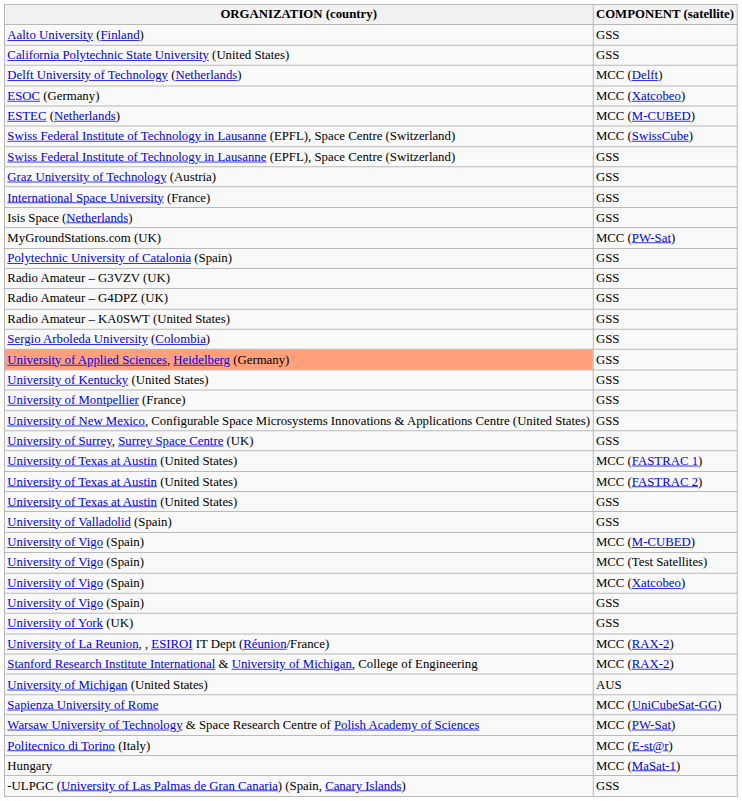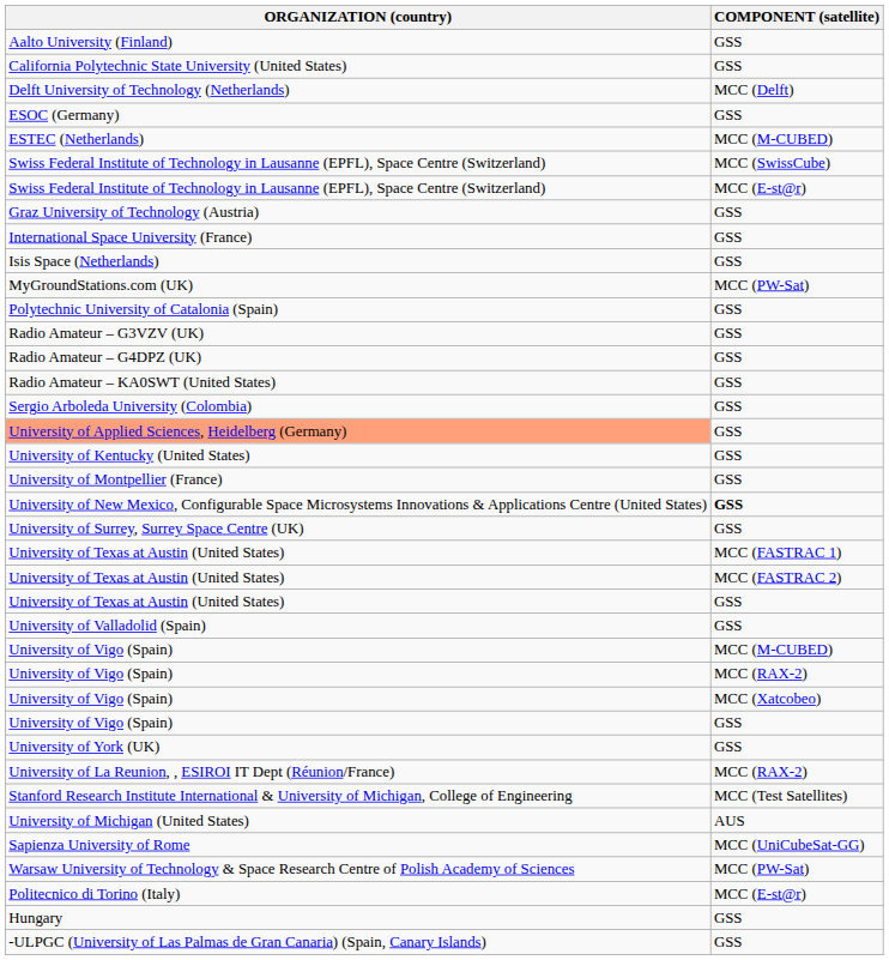 <table class="wikitable">
 <tr>
 <th>ORGANIZATION (country)</th>
 <th>COMPONENT (satellite)</th>
 </tr>
 <tr>
 <td><a href='#'>Aalto University</a> (<a href='#'>Finland</a>)</td>
 <td>GSS</td>
 </tr>
 <tr>
 <td><a href='#'>California Polytechnic State University</a> (United States)</td>
 <td>GSS</td>
 </tr>
 <tr>
 <td><a href='#'>Delft University of Technology</a> (<a href='#'>Netherlands</a>)</td>
 <td>MCC (<a href='#'>Delft</a>)</td>
 </tr>
 <tr>
 <td><a href='#'>ESOC</a> (Germany)</td>
-<td>MCC (<a href='#'>Xatcobeo</a>)</td>
+<td>GSS</td>
 </tr>
 <tr>
 <td><a href='#'>ESTEC</a> (<a href='#'>Netherlands</a>)</td>
 <td>MCC (<a href='#'>M-CUBED</a>)</td>
 </tr>
 <tr>
 <td><a href='#'>Swiss Federal Institute of Technology in Lausanne</a> (EPFL), Space Centre (Switzerland)</td>
 <td>MCC (<a href='#'>SwissCube</a>)</td>
 </tr>
 <tr>
 <td><a href='#'>Swiss Federal Institute of Technology in Lausanne</a> (EPFL), Space Centre (Switzerland)</td>
-<td>GSS</td>
+<td>MCC (<a href='#'>E-st@r</a>)</td>
 </tr>
 <tr>
 <td><a href='#'>Graz University of Technology</a> (Austria)</td>
 <td>GSS</td>
 </tr>
 <tr>
 <td><a href='#'>International Space University</a> (France)</td>
 <td>GSS</td>
 </tr>
 <tr>
 <td>Isis Space (<a href='#'>Netherlands</a>)</td>
 <td>GSS</td>
 </tr>
 <tr>
 <td>MyGroundStations.com (UK)</td>
 <td>MCC (<a href='#'>PW-Sat</a>)</td>
 </tr>
 <tr>
 <td><a href='#'>Polytechnic University of Catalonia</a> (Spain)</td>
 <td>GSS</td>
 </tr>
 <tr>
 <td>Radio Amateur – G3VZV (UK)</td>
 <td>GSS</td>
 </tr>
 <tr>
 <td>Radio Amateur – G4DPZ (UK)</td>
 <td>GSS</td>
 </tr>
 <tr>
 <td>Radio Amateur – KA0SWT (United States)</td>
 <td>GSS</td>
 </tr>
 <tr>
 <td><a href='#'>Sergio Arboleda University</a> (<a href='#'>Colombia</a>)</td>
 <td>GSS</td>
 </tr>
 <tr>
 <td style="background: lightsalmon;"><a href='#'>University of Applied Sciences</a>, <a href='#'>Heidelberg</a> (Germany)</td>
 <td>GSS</td>
 </tr>
 <tr>
 <td><a href='#'>University of Kentucky</a> (United States)</td>
 <td>GSS</td>
 </tr>
 <tr>
 <td><a href='#'>University of Montpellier</a> (France)</td>
 <td>GSS</td>
 </tr>
 <tr>
 <td><a href='#'>University of New Mexico</a>, Configurable Space Microsystems Innovations & Applications Centre (United States)</td>
-<td>GSS</td>
+<td><strong>GSS</strong></td>
 </tr>
 <tr>
 <td><a href='#'>University of Surrey</a>, <a href='#'>Surrey Space Centre</a> (UK)</td>
 <td>GSS</td>
 </tr>
 <tr>
 <td><a href='#'>University of Texas at Austin</a> (United States)</td>
 <td>MCC (<a href='#'>FASTRAC 1</a>)</td>
 </tr>
 <tr>
 <td><a href='#'>University of Texas at Austin</a> (United States)</td>
 <td>MCC (<a href='#'>FASTRAC 2</a>)</td>
 </tr>
 <tr>
 <td><a href='#'>University of Texas at Austin</a> (United States)</td>
 <td>GSS</td>
 </tr>
 <tr>
 <td><a href='#'>University of Valladolid</a> (Spain)</td>
 <td>GSS</td>
 </tr>
 <tr>
 <td><a href='#'>University of Vigo</a> (Spain)</td>
 <td>MCC (<a href='#'>M-CUBED</a>)</td>
 </tr>
 <tr>
 <td><a href='#'>University of Vigo</a> (Spain)</td>
-<td>MCC (Test Satellites)</td>
+<td>MCC (<a href='#'>RAX-2</a>)</td>
 </tr>
 <tr>
 <td><a href='#'>University of Vigo</a> (Spain)</td>
 <td>MCC (<a href='#'>Xatcobeo</a>)</td>
 </tr>
 <tr>
 <td><a href='#'>University of Vigo</a> (Spain)</td>
 <td>GSS</td>
 </tr>
 <tr>
 <td><a href='#'>University of York</a> (UK)</td>
 <td>GSS</td>
 </tr>
 <tr>
 <td><a href='#'>University of La Reunion</a>, , <a href='#'>ESIROI</a> IT Dept (<a href='#'>Réunion</a>/France)</td>
 <td>MCC (<a href='#'>RAX-2</a>)</td>
 </tr>
 <tr>
 <td><a href='#'>Stanford Research Institute International</a> & <a href='#'>University of Michigan</a>, College of Engineering</td>
-<td>MCC (<a href='#'>RAX-2</a>)</td>
+<td>MCC (Test Satellites)</td>
 </tr>
 <tr>
 <td><a href='#'>University of Michigan</a> (United States)</td>
 <td>AUS</td>
 </tr>
 <tr>
 <td><a href='#'>Sapienza University of Rome</a></td>
 <td>MCC (<a href='#'>UniCubeSat-GG</a>)</td>
 </tr>
 <tr>
 <td><a href='#'>Warsaw University of Technology</a> & Space Research Centre of <a href='#'>Polish Academy of Sciences</a></td>
 <td>MCC (<a href='#'>PW-Sat</a>)</td>
 </tr>
 <tr>
 <td><a href='#'>Politecnico di Torino</a> (Italy)</td>
 <td>MCC (<a href='#'>E-st@r</a>)</td>
 </tr>
 <tr>
 <td>Hungary</td>
-<td>MCC (<a href='#'>MaSat-1</a>)</td>
+<td>GSS</td>
 </tr>
 <tr>
 <td>-ULPGC  (<a href='#'>University of Las Palmas de Gran Canaria</a>) (Spain, <a href='#'>Canary Islands</a>)</td>
 <td>GSS</td>
 </tr>
 </table>
